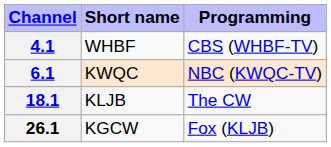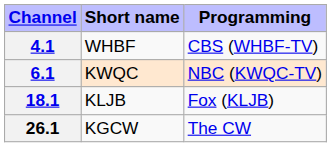 <table class="wikitable">
 <tr>
 <th style="background-color: #bdbdff" scope = "col"><a href='#'>Channel</a></th>
 <th style="background-color: #bdbdff" scope = "col">Short name</th>
 <th style="background-color: #bdbdff" scope = "col">Programming</th>
 </tr>
 <tr>
 <th scope = "row"><a href='#'>4.1</a></th>
 <td>WHBF</td>
 <td><a href='#'>CBS</a> (<a href='#'>WHBF-TV</a>)</td>
 </tr>
 <tr>
 <th scope = "row"><a href='#'>6.1</a></th>
 <td style="background-color:#ffe8d0">KWQC</td>
 <td style="background-color:#ffe8d0"><a href='#'>NBC</a> (<a href='#'>KWQC-TV</a>) </td>
 </tr>
 <tr>
 <th scope = "row"><a href='#'>18.1</a></th>
 <td>KLJB</td>
-<td><a href='#'>The CW</a></td>
+<td><a href='#'>Fox</a> (<a href='#'>KLJB</a>)</td>
 </tr>
 <tr>
 <th scope = "row">26.1</th>
 <td>KGCW</td>
-<td><a href='#'>Fox</a> (<a href='#'>KLJB</a>)</td>
+<td><a href='#'>The CW</a></td>
 </tr>
 </table>
